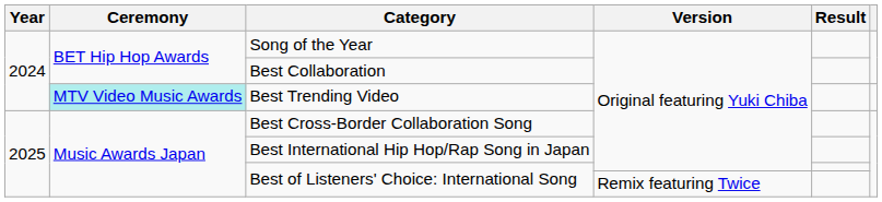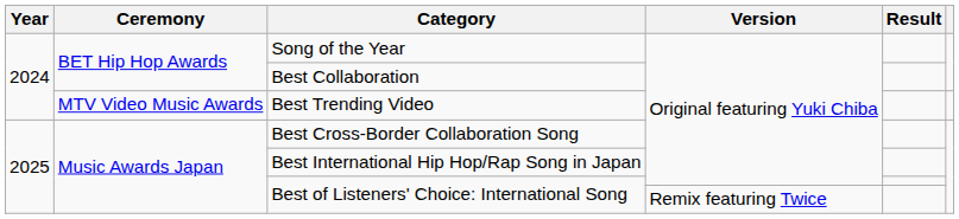 <table class="wikitable sortable plainrowheaders">
 <tr>
 <th scope="col">Year</th>
 <th scope="col">Ceremony</th>
 <th scope="col">Category</th>
 <th scope="col">Version</th>
 <th scope="col">Result</th>
 <th scope="col" class="unsortable"></th>
 </tr>
 <tr>
 <td rowspan="3">2024</td>
 <td rowspan="2"><a href='#'>BET Hip Hop Awards</a></td>
 <td>Song of the Year</td>
 <td rowspan="6">Original featuring <a href='#'>Yuki Chiba</a></td>
 <td></td>
 <td style="text-align:center" rowspan="2"></td>
 </tr>
 <tr>
 <td>Best Collaboration</td>
 <td></td>
 </tr>
 <tr>
-<td style="background: paleturquoise;"><a href='#'>MTV Video Music Awards</a></td>
+<td><a href='#'>MTV Video Music Awards</a></td>
 <td>Best Trending Video</td>
 <td></td>
 <td style="text-align:center;"></td>
 </tr>
 <tr>
 <td rowspan="4">2025</td>
 <td rowspan="4"><a href='#'>Music Awards Japan</a></td>
 <td>Best Cross-Border Collaboration Song</td>
 <td></td>
 <td style="text-align:center" rowspan="4"></td>
 </tr>
 <tr>
 <td>Best International Hip Hop/Rap Song in Japan</td>
 <td></td>
 </tr>
 <tr>
 <td rowspan="2">Best of Listeners' Choice: International Song</td>
 <td></td>
 </tr>
 <tr>
 <td>Remix featuring <a href='#'>Twice</a></td>
 <td></td>
 </tr>
 </table>
